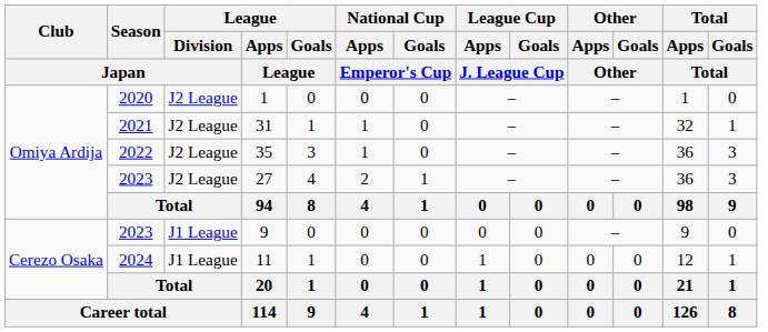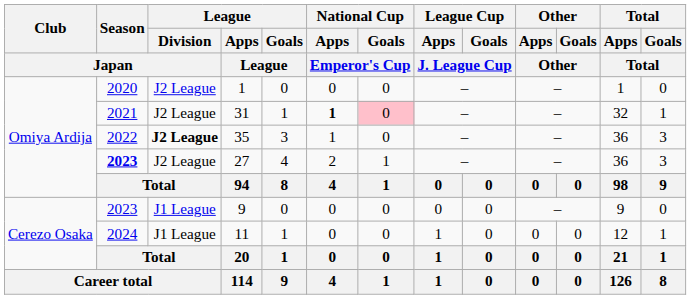 <table class="wikitable" style="text-align:center">
 <tr>
 <th rowspan=2>Club</th>
 <th rowspan=2>Season</th>
 <th colspan=3>League</th>
 <th colspan=2>National Cup</th>
 <th colspan=2>League Cup</th>
 <th colspan=2>Other</th>
 <th colspan=2>Total</th>
 </tr>
 <tr>
 <th>Division</th>
 <th>Apps</th>
 <th>Goals</th>
 <th>Apps</th>
 <th>Goals</th>
 <th>Apps</th>
 <th>Goals</th>
 <th>Apps</th>
 <th>Goals</th>
 <th>Apps</th>
 <th>Goals</th>
 </tr>
 <tr>
 <th colspan=3>Japan</th>
 <th colspan=2>League</th>
 <th colspan=2><a href='#'>Emperor's Cup</a></th>
 <th colspan=2><a href='#'>J. League Cup</a></th>
 <th colspan=2>Other</th>
 <th colspan=2>Total</th>
 </tr>
 <tr>
 <td rowspan="5"><a href='#'>Omiya Ardija</a></td>
 <td><a href='#'>2020</a></td>
 <td><a href='#'>J2 League</a></td>
 <td>1</td>
 <td>0</td>
 <td>0</td>
 <td>0</td>
 <td colspan="2">–</td>
 <td colspan="2">–</td>
 <td>1</td>
 <td>0</td>
 </tr>
 <tr>
 <td><a href='#'>2021</a></td>
 <td>J2 League</td>
 <td>31</td>
 <td>1</td>
-<td>1</td>
-<td>0</td>
+<td><strong>1</strong></td>
+<td style="background: pink;">0</td>
 <td colspan="2">–</td>
 <td colspan="2">–</td>
 <td>32</td>
 <td>1</td>
 </tr>
 <tr>
 <td><a href='#'>2022</a></td>
-<td>J2 League</td>
+<td><strong>J2 League</strong></td>
 <td>35</td>
 <td>3</td>
 <td>1</td>
 <td>0</td>
 <td colspan="2">–</td>
 <td colspan="2">–</td>
 <td>36</td>
 <td>3</td>
 </tr>
 <tr>
-<td><a href='#'>2023</a></td>
+<td><strong><a href='#'>2023</a></strong></td>
 <td>J2 League</td>
 <td>27</td>
 <td>4</td>
 <td>2</td>
 <td>1</td>
 <td colspan="2">–</td>
 <td colspan="2">–</td>
 <td>36</td>
 <td>3</td>
 </tr>
 <tr>
 <th colspan="2">Total</th>
 <th>94</th>
 <th>8</th>
 <th>4</th>
 <th>1</th>
 <th>0</th>
 <th>0</th>
 <th>0</th>
 <th>0</th>
 <th>98</th>
 <th>9</th>
 </tr>
 <tr>
 <td rowspan="3"><a href='#'>Cerezo Osaka</a></td>
 <td><a href='#'>2023</a></td>
 <td><a href='#'>J1 League</a></td>
 <td>9</td>
 <td>0</td>
 <td>0</td>
 <td>0</td>
 <td>0</td>
 <td>0</td>
 <td colspan="2">–</td>
 <td>9</td>
 <td>0</td>
 </tr>
 <tr>
 <td><a href='#'>2024</a></td>
 <td>J1 League</td>
 <td>11</td>
 <td>1</td>
 <td>0</td>
 <td>0</td>
 <td>1</td>
 <td>0</td>
 <td>0</td>
 <td>0</td>
 <td>12</td>
 <td>1</td>
 </tr>
 <tr>
 <th colspan="2">Total</th>
 <th>20</th>
 <th>1</th>
 <th>0</th>
 <th>0</th>
 <th>1</th>
 <th>0</th>
 <th>0</th>
 <th>0</th>
 <th>21</th>
 <th>1</th>
 </tr>
 <tr>
 <th colspan=3>Career total</th>
 <th>114</th>
 <th>9</th>
 <th>4</th>
 <th>1</th>
 <th>1</th>
 <th>0</th>
 <th>0</th>
 <th>0</th>
 <th>126</th>
 <th>8</th>
 </tr>
 </table>
